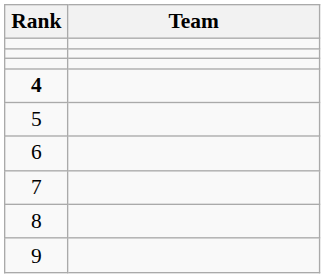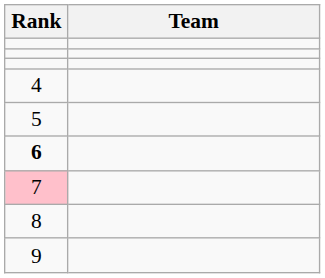 <table class="wikitable" style="text-align: center;">
 <tr>
 <th width=40>Rank</th>
 <th width=180>Team</th>
 </tr>
 <tr>
 <td></td>
 <td align="left"></td>
 </tr>
 <tr>
 <td></td>
 <td align="left"></td>
 </tr>
 <tr>
 <td></td>
 <td align="left"></td>
 </tr>
 <tr>
-<td><strong>4</strong></td>
+<td>4</td>
 <td align="left"></td>
 </tr>
 <tr>
 <td>5</td>
 <td align="left"></td>
 </tr>
 <tr>
-<td>6</td>
+<td><strong>6</strong></td>
 <td align="left"></td>
 </tr>
 <tr>
-<td>7</td>
+<td style="background: pink;">7</td>
 <td align="left"></td>
 </tr>
 <tr>
 <td>8</td>
 <td align="left"></td>
 </tr>
 <tr>
 <td>9</td>
 <td align="left"></td>
 </tr>
 </table>
